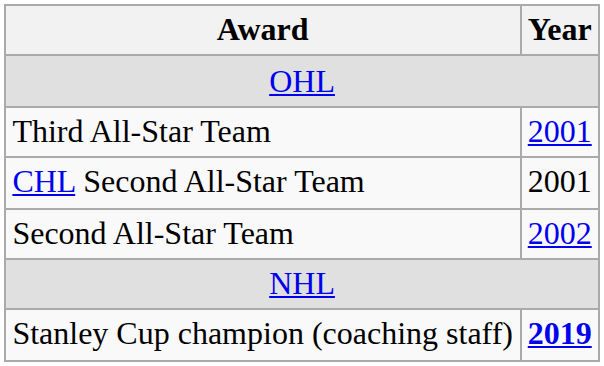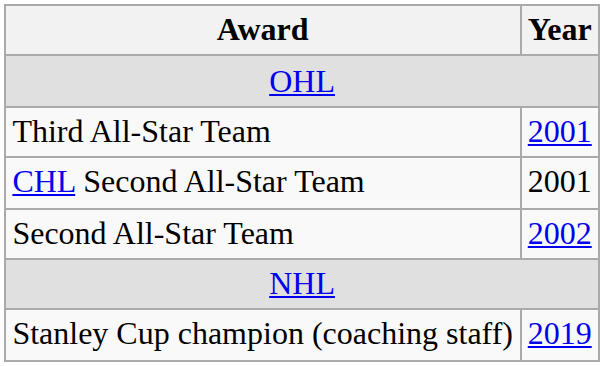 <table class="wikitable">
 <tr>
 <th>Award</th>
 <th>Year</th>
 </tr>
 <tr align="center" bgcolor="#e0e0e0">
 <td colspan="3"><a href='#'>OHL</a></td>
 </tr>
 <tr>
 <td>Third All-Star Team</td>
 <td><a href='#'>2001</a></td>
 </tr>
 <tr>
 <td><a href='#'>CHL</a> Second All-Star Team</td>
 <td>2001</td>
 </tr>
 <tr>
 <td>Second All-Star Team</td>
 <td><a href='#'>2002</a></td>
 </tr>
 <tr align="center" bgcolor="#e0e0e0">
 <td colspan="3"><a href='#'>NHL</a></td>
 </tr>
 <tr>
 <td>Stanley Cup champion (coaching staff)</td>
-<td><strong><a href='#'>2019</a></strong></td>
+<td><a href='#'>2019</a></td>
 </tr>
 </table>
